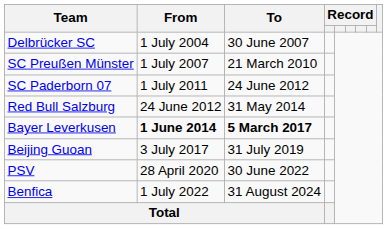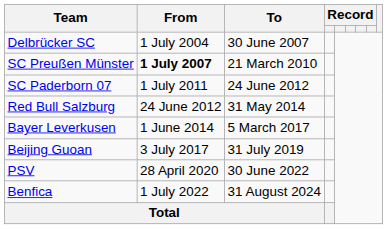 <table class=wikitable style="text-align: center">
 <tr>
 <th rowspan=2>Team</th>
 <th rowspan=2>From</th>
 <th rowspan=2>To</th>
 <th colspan=5>Record</th>
 <th rowspan=2></th>
 </tr>
 <tr>
 <th></th>
 <th></th>
 <th></th>
 <th></th>
 <th></th>
 </tr>
 <tr>
 <td align=left><a href='#'>Delbrücker SC</a></td>
 <td align=left>1 July 2004</td>
 <td align=left>30 June 2007<br></td>
 <td></td>
 </tr>
 <tr>
 <td align=left><a href='#'>SC Preußen Münster</a></td>
-<td align=left>1 July 2007</td>
+<td align=left><strong>1 July 2007</strong></td>
 <td align=left>21 March 2010<br></td>
 <td></td>
 </tr>
 <tr>
 <td align=left><a href='#'>SC Paderborn 07</a></td>
 <td align=left>1 July 2011</td>
 <td align=left>24 June 2012<br></td>
 <td></td>
 </tr>
 <tr>
 <td align=left><a href='#'>Red Bull Salzburg</a></td>
 <td align=left>24 June 2012</td>
 <td align=left>31 May 2014<br></td>
 <td></td>
 </tr>
 <tr>
 <td align=left><a href='#'>Bayer Leverkusen</a></td>
-<td align=left><strong>1 June 2014</strong></td>
-<td align=left><strong>5 March 2017<br></strong></td>
+<td align=left>1 June 2014</td>
+<td align=left>5 March 2017<br></td>
 <td></td>
 </tr>
 <tr>
 <td align=left><a href='#'>Beijing Guoan</a></td>
 <td align=left>3 July 2017</td>
 <td align=left>31 July 2019<br></td>
 <td></td>
 </tr>
 <tr>
 <td align=left><a href='#'>PSV</a></td>
 <td align=left>28 April 2020</td>
 <td align=left>30 June 2022<br></td>
 <td></td>
 </tr>
 <tr>
 <td align=left><a href='#'>Benfica</a></td>
 <td align=left>1 July 2022</td>
 <td align=left>31 August 2024<br></td>
 <td></td>
 </tr>
 <tr>
 <th colspan=3>Total<br></th>
 <th></th>
 </tr>
 </table>
